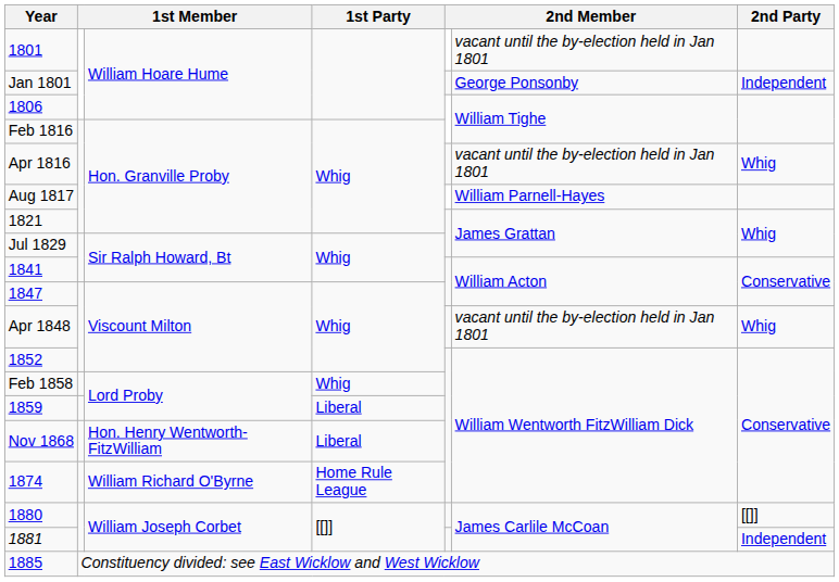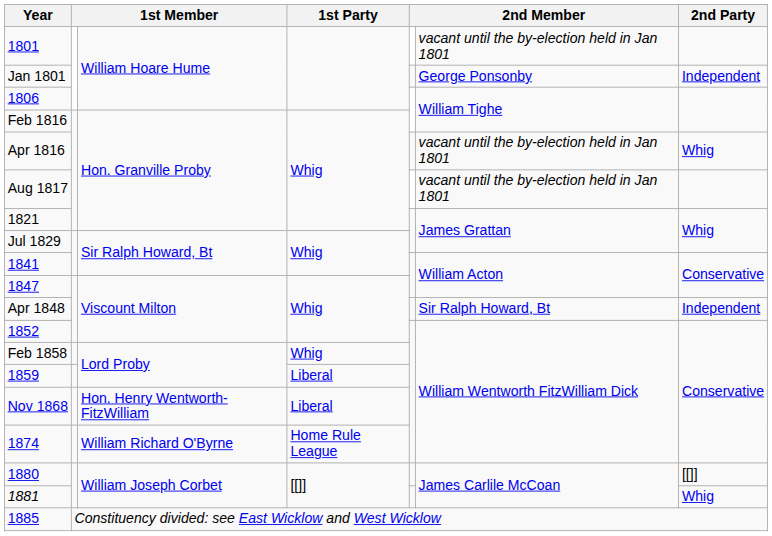 <table class="wikitable">
 <tr>
 <th>Year</th>
 <th colspan="2">1st Member</th>
 <th>1st Party</th>
 <th colspan="2">2nd Member</th>
 <th>2nd Party</th>
 </tr>
 <tr>
 <td><a href='#'>1801</a></td>
 <td rowspan="3" style="color:inherit;background-color: white"></td>
 <td rowspan="3"><a href='#'>William Hoare Hume</a></td>
 <td rowspan="3"></td>
 <td style="color:inherit;background-color: white"></td>
 <td><em>vacant until the by-election held in Jan 1801</em></td>
 <td></td>
 </tr>
 <tr>
 <td>Jan 1801</td>
 <td style="color:inherit;background-color: "></td>
 <td><a href='#'>George Ponsonby</a></td>
 <td><a href='#'>Independent</a></td>
 </tr>
 <tr>
 <td><a href='#'>1806</a></td>
 <td rowspan="2" style="color:inherit;background-color: white"></td>
 <td rowspan="2"><a href='#'>William Tighe</a></td>
 <td rowspan="2"></td>
 </tr>
 <tr>
 <td>Feb 1816</td>
 <td rowspan="4" style="color:inherit;background-color: "></td>
 <td rowspan="4"><a href='#'>Hon. Granville Proby</a></td>
 <td rowspan="4"><a href='#'>Whig</a></td>
 </tr>
 <tr>
 <td>Apr 1816</td>
 <td style="color:inherit;background-color: "></td>
 <td><em>vacant until the by-election held in Jan 1801</em></td>
 <td><a href='#'>Whig</a></td>
 </tr>
 <tr>
 <td>Aug 1817</td>
 <td style="color:inherit;background-color: white"></td>
-<td><a href='#'>William Parnell-Hayes</a></td>
+<td><em>vacant until the by-election held in Jan 1801</em></td>
 <td></td>
 </tr>
 <tr>
 <td>1821</td>
 <td rowspan="2" style="color:inherit;background-color: "></td>
 <td rowspan="2"><a href='#'>James Grattan</a></td>
 <td rowspan="2"><a href='#'>Whig</a></td>
 </tr>
 <tr>
 <td>Jul 1829</td>
 <td rowspan="2" style="color:inherit;background-color: "></td>
 <td rowspan="2"><a href='#'>Sir Ralph Howard, Bt</a></td>
 <td rowspan="2"><a href='#'>Whig</a></td>
 </tr>
 <tr>
 <td><a href='#'>1841</a></td>
 <td rowspan="2" style="color:inherit;background-color: "></td>
 <td rowspan="2"><a href='#'>William Acton</a></td>
 <td rowspan="2"><a href='#'>Conservative</a></td>
 </tr>
 <tr>
 <td><a href='#'>1847</a></td>
 <td rowspan="3" style="color:inherit;background-color: "></td>
 <td rowspan="3"><a href='#'>Viscount Milton</a></td>
 <td rowspan="3"><a href='#'>Whig</a></td>
 </tr>
 <tr>
 <td>Apr 1848</td>
 <td style="color:inherit;background-color: "></td>
-<td><em>vacant until the by-election held in Jan 1801</em></td>
-<td><a href='#'>Whig</a></td>
+<td><a href='#'>Sir Ralph Howard, Bt</a></td>
+<td><a href='#'>Independent</a></td>
 </tr>
 <tr>
 <td><a href='#'>1852</a></td>
 <td rowspan="5" style="color:inherit;background-color: "></td>
 <td rowspan="5"><a href='#'>William Wentworth FitzWilliam Dick</a></td>
 <td rowspan="5"><a href='#'>Conservative</a></td>
 </tr>
 <tr>
 <td>Feb 1858</td>
 <td style="color:inherit;background-color: "></td>
 <td rowspan="2"><a href='#'>Lord Proby</a></td>
 <td><a href='#'>Whig</a></td>
 </tr>
 <tr>
 <td><a href='#'>1859</a></td>
 <td style="color:inherit;background-color: "></td>
 <td><a href='#'>Liberal</a></td>
 </tr>
 <tr>
 <td><a href='#'>Nov 1868</a></td>
 <td style="color:inherit;background-color: "></td>
 <td><a href='#'>Hon. Henry Wentworth-FitzWilliam</a></td>
 <td><a href='#'>Liberal</a></td>
 </tr>
 <tr>
 <td><a href='#'>1874</a></td>
 <td style="color:inherit;background-color: "></td>
 <td><a href='#'>William Richard O'Byrne</a></td>
 <td><a href='#'>Home Rule League</a></td>
 </tr>
 <tr>
 <td><a href='#'>1880</a></td>
 <td rowspan="2" style="color:inherit;background-color: "></td>
 <td rowspan="2"><a href='#'>William Joseph Corbet</a></td>
 <td rowspan="2">[[]]</td>
 <td style="color:inherit;background-color: "></td>
 <td rowspan="2"><a href='#'>James Carlile McCoan</a></td>
 <td>[[]]</td>
 </tr>
 <tr>
 <td><em>1881</em></td>
 <td style="color:inherit;background-color: "></td>
-<td><a href='#'>Independent</a></td>
+<td><a href='#'>Whig</a></td>
 </tr>
 <tr>
 <td><a href='#'>1885</a></td>
 <td colspan="6"><em>Constituency divided: see <a href='#'>East Wicklow</a> and <a href='#'>West Wicklow</a></em></td>
 </tr>
 </table>
